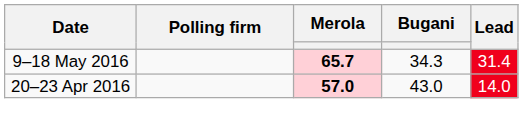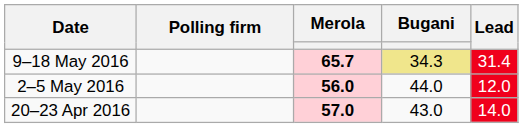 <table class="wikitable collapsible" style="text-align:center;font-size:85%;line-height:13px">
 <tr style="height:30px; background-color:#E9E9E9">
 <th style="width:100px;" rowspan="2">Date</th>
 <th style="width:120px;" rowspan="2">Polling firm</th>
 <th style="width:65px;">Merola</th>
 <th style="width:65px;">Bugani</th>
 <th style="width:25px;" rowspan="2">Lead</th>
 </tr>
 <tr>
 <th style="background:"></th>
 <th style="background:"></th>
 </tr>
 <tr>
 <td>9–18 May 2016</td>
 <td></td>
 <td style="background:#FFD0D7"><strong>65.7</strong></td>
-<td>34.3</td>
+<td style="background: khaki;">34.3</td>
 <td style="background:#F0001C; color:white;">31.4</td>
+</tr>
+<tr>
+<td>2–5 May 2016</td>
+<td></td>
+<td style="background:#FFD0D7"><strong>56.0</strong></td>
+<td>44.0</td>
+<td style="background:#F0001C; color:white;">12.0</td>
 </tr>
 <tr>
 <td>20–23 Apr 2016</td>
 <td></td>
 <td style="background:#FFD0D7"><strong>57.0</strong></td>
 <td>43.0</td>
 <td style="background:#F0001C; color:white;">14.0</td>
 </tr>
 </table>
